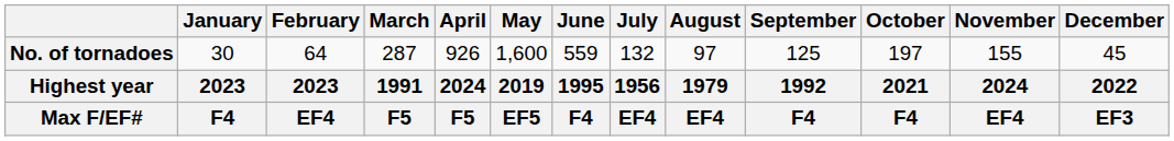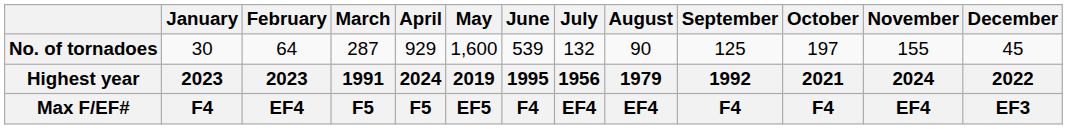 <table class="wikitable" style="text-align:center;">
 <tr>
 <th></th>
 <th>January</th>
 <th>February</th>
 <th>March</th>
 <th>April</th>
 <th>May</th>
 <th>June</th>
 <th>July</th>
 <th>August</th>
 <th>September</th>
 <th>October</th>
 <th>November</th>
 <th>December</th>
 </tr>
 <tr>
 <th>No. of tornadoes</th>
 <td>30</td>
 <td>64</td>
 <td>287</td>
-<td>926</td>
+<td>929</td>
 <td>1,600</td>
-<td>559</td>
+<td>539</td>
 <td>132</td>
-<td>97</td>
+<td>90</td>
 <td>125</td>
 <td>197</td>
 <td>155</td>
 <td>45</td>
 </tr>
 <tr>
 <th>Highest year</th>
 <th scope="row" rowspan="1" style="background-color:#">2023</th>
 <th scope="row" rowspan="1" style="background-color:#">2023</th>
 <th scope="row" rowspan="1" style="background-color:#">1991</th>
 <th scope="row" rowspan="1" style="background-color:#">2024</th>
 <th scope="row" rowspan="1" style="background-color:#">2019</th>
 <th scope="row" rowspan="1" style="background-color:#">1995</th>
 <th scope="row" rowspan="1" style="background-color:#">1956</th>
 <th scope="row" rowspan="1" style="background-color:#">1979</th>
 <th scope="row" rowspan="1" style="background-color:#">1992</th>
 <th scope="row" rowspan="1" style="background-color:#">2021</th>
 <th scope="row" rowspan="1" style="background-color:#">2024</th>
 <th scope="row" rowspan="1" style="background-color:#">2022</th>
 </tr>
 <tr>
 <th>Max F/EF#</th>
 <th scope="row" rowspan="1" style="background-color:#">F4</th>
 <th scope="row" rowspan="1" style="background-color:#">EF4</th>
 <th scope="row" rowspan="1" style="background-color:#">F5</th>
 <th scope="row" rowspan="1" style="background-color:#">F5</th>
 <th scope="row" rowspan="1" style="background-color:#">EF5</th>
 <th scope="row" rowspan="1" style="background-color:#">F4</th>
 <th scope="row" rowspan="1" style="background-color:#">EF4</th>
 <th scope="row" rowspan="1" style="background-color:#">EF4</th>
 <th scope="row" rowspan="1" style="background-color:#">F4</th>
 <th scope="row" rowspan="1" style="background-color:#">F4</th>
 <th scope="row" rowspan="1" style="background-color:#">EF4</th>
 <th scope="row" rowspan="1" style="background-color:#">EF3</th>
 </tr>
 </table>
